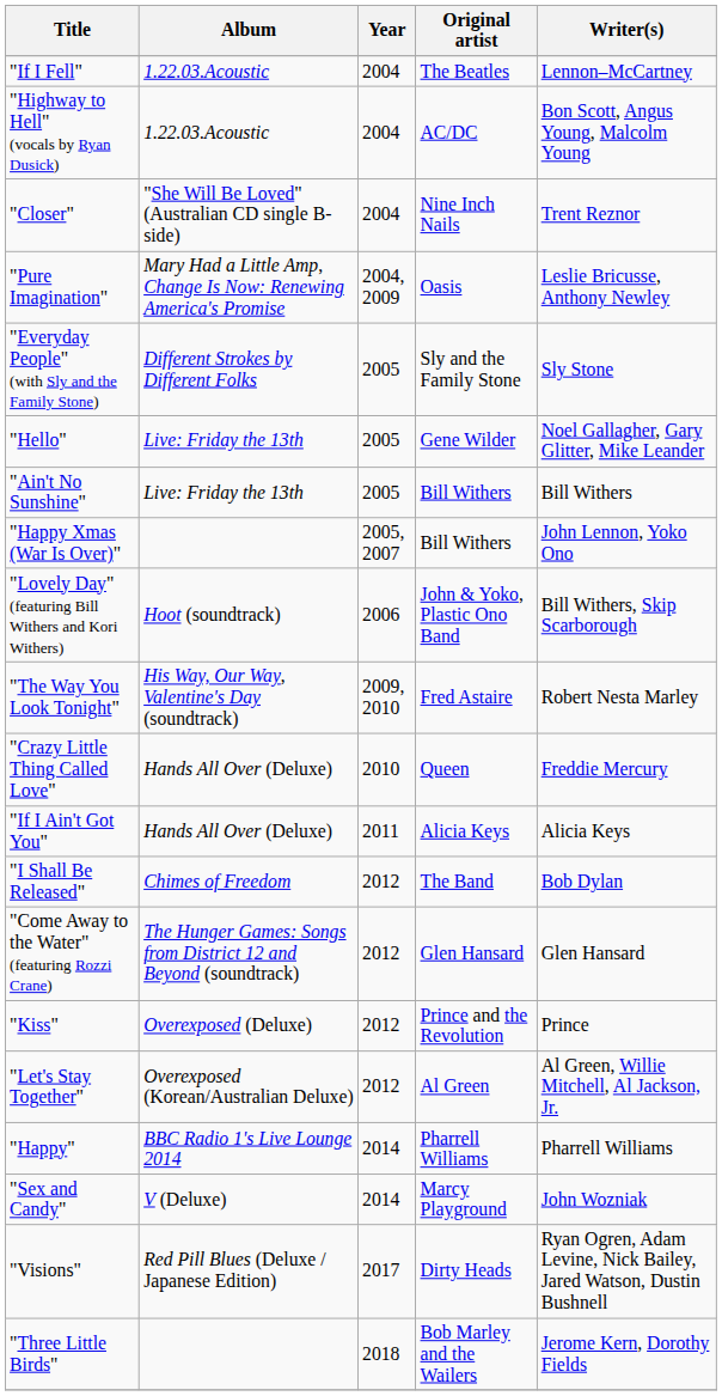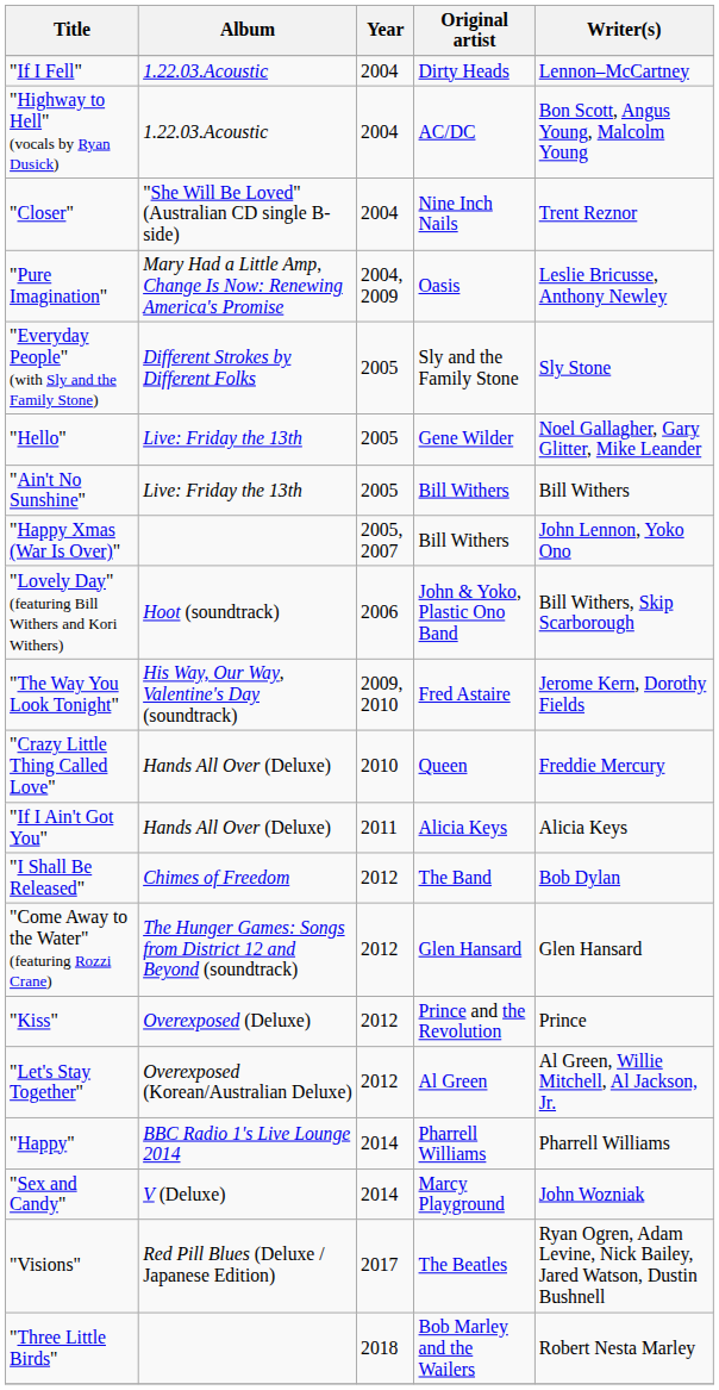 <table class="wikitable sortable">
 <tr>
 <th>Title</th>
 <th>Album</th>
 <th>Year</th>
 <th>Original artist</th>
 <th>Writer(s)</th>
 </tr>
 <tr>
 </tr>
 <tr>
 <td>"<a href='#'>If I Fell</a>"</td>
 <td><em><a href='#'>1.22.03.Acoustic</a></em></td>
 <td>2004</td>
-<td><a href='#'>The Beatles</a></td>
+<td><a href='#'>Dirty Heads</a></td>
 <td><a href='#'>Lennon–McCartney</a></td>
 </tr>
 <tr>
 <td>"<a href='#'>Highway to Hell</a>" <br><small>(vocals by <a href='#'>Ryan Dusick</a>)</small></td>
 <td><em>1.22.03.Acoustic</em></td>
 <td>2004</td>
 <td><a href='#'>AC/DC</a></td>
 <td><a href='#'>Bon Scott</a>, <a href='#'>Angus Young</a>, <a href='#'>Malcolm Young</a></td>
 </tr>
 <tr>
 <td>"<a href='#'>Closer</a>"</td>
 <td>"<a href='#'>She Will Be Loved</a>" (Australian CD single B-side)</td>
 <td>2004</td>
 <td><a href='#'>Nine Inch Nails</a></td>
 <td><a href='#'>Trent Reznor</a></td>
 </tr>
 <tr>
 <td>"<a href='#'>Pure Imagination</a>"</td>
 <td><em>Mary Had a Little Amp</em>, <em><a href='#'>Change Is Now: Renewing America's Promise</a></em></td>
 <td>2004, 2009</td>
 <td><a href='#'>Oasis</a></td>
 <td><a href='#'>Leslie Bricusse</a>, <a href='#'>Anthony Newley</a></td>
 </tr>
 <tr>
 <td>"<a href='#'>Everyday People</a>" <br><small>(with <a href='#'>Sly and the Family Stone</a>)</small></td>
 <td><em><a href='#'>Different Strokes by Different Folks</a></em></td>
 <td>2005</td>
 <td>Sly and the Family Stone</td>
 <td><a href='#'>Sly Stone</a></td>
 </tr>
 <tr>
 <td>"<a href='#'>Hello</a>"</td>
 <td><em><a href='#'>Live: Friday the 13th</a></em></td>
 <td>2005</td>
 <td><a href='#'>Gene Wilder</a></td>
 <td><a href='#'>Noel Gallagher</a>, <a href='#'>Gary Glitter</a>, <a href='#'>Mike Leander</a></td>
 </tr>
 <tr>
 <td>"<a href='#'>Ain't No Sunshine</a>"</td>
 <td><em>Live: Friday the 13th</em></td>
 <td>2005</td>
 <td><a href='#'>Bill Withers</a></td>
 <td>Bill Withers</td>
 </tr>
 <tr>
 <td>"<a href='#'>Happy Xmas (War Is Over)</a>"</td>
 <td></td>
 <td>2005,<br>2007</td>
 <td>Bill Withers</td>
 <td><a href='#'>John Lennon</a>, <a href='#'>Yoko Ono</a></td>
 </tr>
 <tr>
 <td>"<a href='#'>Lovely Day</a>" <br><small>(featuring Bill Withers and Kori Withers)</small></td>
 <td><em><a href='#'>Hoot</a></em> (soundtrack)</td>
 <td>2006</td>
 <td><a href='#'>John & Yoko</a>, <a href='#'>Plastic Ono Band</a></td>
 <td>Bill Withers, <a href='#'>Skip Scarborough</a></td>
 </tr>
 <tr>
 <td>"<a href='#'>The Way You Look Tonight</a>"</td>
 <td><em><a href='#'>His Way, Our Way</a></em>, <em><a href='#'>Valentine's Day</a></em> (soundtrack)</td>
 <td>2009, 2010</td>
 <td><a href='#'>Fred Astaire</a></td>
-<td>Robert Nesta Marley</td>
+<td><a href='#'>Jerome Kern</a>, <a href='#'>Dorothy Fields</a></td>
 </tr>
 <tr>
 <td>"<a href='#'>Crazy Little Thing Called Love</a>"</td>
 <td><em>Hands All Over</em> (Deluxe)</td>
 <td>2010</td>
 <td><a href='#'>Queen</a></td>
 <td><a href='#'>Freddie Mercury</a></td>
 </tr>
 <tr>
 <td>"<a href='#'>If I Ain't Got You</a>"</td>
 <td><em>Hands All Over</em> (Deluxe)</td>
 <td>2011</td>
 <td><a href='#'>Alicia Keys</a></td>
 <td>Alicia Keys</td>
 </tr>
 <tr>
 <td>"<a href='#'>I Shall Be Released</a>"</td>
 <td><em><a href='#'>Chimes of Freedom</a></em></td>
 <td>2012</td>
 <td><a href='#'>The Band</a></td>
 <td><a href='#'>Bob Dylan</a></td>
 </tr>
 <tr>
 <td>"Come Away to the Water" <br><small>(featuring <a href='#'>Rozzi Crane</a>)</small></td>
 <td><em><a href='#'>The Hunger Games: Songs from District 12 and Beyond</a></em> (soundtrack)</td>
 <td>2012</td>
 <td><a href='#'>Glen Hansard</a></td>
 <td>Glen Hansard</td>
 </tr>
 <tr>
 <td>"<a href='#'>Kiss</a>"</td>
 <td><em><a href='#'>Overexposed</a></em> (Deluxe)</td>
 <td>2012</td>
 <td><a href='#'>Prince</a> and <a href='#'>the Revolution</a></td>
 <td>Prince</td>
 </tr>
 <tr>
 <td>"<a href='#'>Let's Stay Together</a>"</td>
 <td><em>Overexposed</em> (Korean/Australian Deluxe)</td>
 <td>2012</td>
 <td><a href='#'>Al Green</a></td>
 <td>Al Green, <a href='#'>Willie Mitchell</a>, <a href='#'>Al Jackson, Jr.</a></td>
 </tr>
 <tr>
 <td>"<a href='#'>Happy</a>"</td>
 <td><em><a href='#'>BBC Radio 1's Live Lounge 2014</a></em></td>
 <td>2014</td>
 <td><a href='#'>Pharrell Williams</a></td>
 <td>Pharrell Williams</td>
 </tr>
 <tr>
 <td>"<a href='#'>Sex and Candy</a>"</td>
 <td><em><a href='#'>V</a></em> (Deluxe)</td>
 <td>2014</td>
 <td><a href='#'>Marcy Playground</a></td>
 <td><a href='#'>John Wozniak</a></td>
 </tr>
 <tr>
 <td>"Visions"</td>
 <td><em>Red Pill Blues</em> (Deluxe / Japanese Edition)</td>
 <td>2017</td>
-<td><a href='#'>Dirty Heads</a></td>
+<td><a href='#'>The Beatles</a></td>
 <td>Ryan Ogren, Adam Levine, Nick Bailey, Jared Watson, Dustin Bushnell</td>
 </tr>
 <tr>
 <td>"<a href='#'>Three Little Birds</a>"</td>
 <td></td>
 <td>2018</td>
 <td><a href='#'>Bob Marley and the Wailers</a></td>
-<td><a href='#'>Jerome Kern</a>, <a href='#'>Dorothy Fields</a></td>
+<td>Robert Nesta Marley</td>
 </tr>
 <tr>
 </tr>
 </table>
